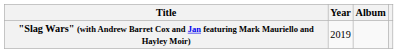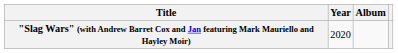 <table class="wikitable plainrowheaders" style="text-align:center;">
 <tr>
 <th scope="col">Title</th>
 <th scope="col">Year</th>
 <th scope="col">Album</th>
 <th class="unsortable"></th>
 </tr>
 <tr>
 <th scope="row">"Slag Wars" <small>(with Andrew Barret Cox and <a href='#'>Jan</a> featuring Mark Mauriello and Hayley Moir)</small></th>
-<td>2019</td>
+<td>2020</td>
 <td></td>
 <th></th>
 </tr>
 </table>
